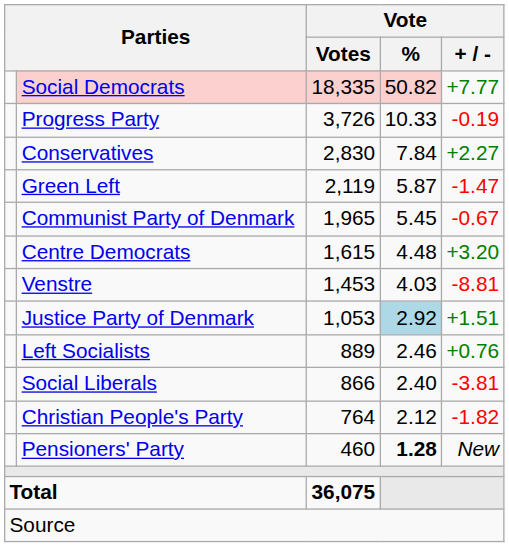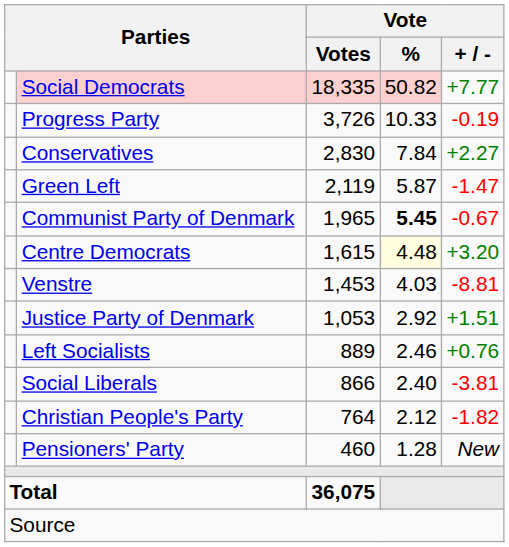 <table class="wikitable" style="text-align:right;">
 <tr>
 <th style="text-align:centre;" rowspan="2" colspan="2" width="225">Parties</th>
 <th colspan="3">Vote</th>
 </tr>
 <tr>
 <th width="15">Votes</th>
 <th width="15">%</th>
 <th width="15">+ / -</th>
 </tr>
 <tr>
 <td width="2" style="color:inherit;background:"></td>
 <td bgcolor=#fbd0ce  align="left"><a href='#'>Social Democrats</a></td>
 <td bgcolor=#fbd0ce>18,335</td>
 <td bgcolor=#fbd0ce>50.82</td>
 <td style=color:green;>+7.77</td>
 </tr>
 <tr>
 <td width="2" style="color:inherit;background:"></td>
 <td align="left"><a href='#'>Progress Party</a></td>
 <td>3,726</td>
 <td>10.33</td>
 <td style=color:red;>-0.19</td>
 </tr>
 <tr>
 <td width="2" style="color:inherit;background:"></td>
 <td align="left"><a href='#'>Conservatives</a></td>
 <td>2,830</td>
 <td>7.84</td>
 <td style=color:green;>+2.27</td>
 </tr>
 <tr>
 <td width="2" style="color:inherit;background:"></td>
 <td align="left"><a href='#'>Green Left</a></td>
 <td>2,119</td>
 <td>5.87</td>
 <td style=color:red;>-1.47</td>
 </tr>
 <tr>
 <td width="2" style="color:inherit;background:"></td>
 <td align="left"><a href='#'>Communist Party of Denmark</a></td>
 <td>1,965</td>
-<td>5.45</td>
+<td><strong>5.45</strong></td>
 <td style=color:red;>-0.67</td>
 </tr>
 <tr>
 <td width="2" style="color:inherit;background:"></td>
 <td align="left"><a href='#'>Centre Democrats</a></td>
 <td>1,615</td>
-<td>4.48</td>
+<td style="background: lightyellow;">4.48</td>
 <td style=color:green;>+3.20</td>
 </tr>
 <tr>
 <td width="2" style="color:inherit;background:"></td>
 <td align="left"><a href='#'>Venstre</a></td>
 <td>1,453</td>
 <td>4.03</td>
 <td style=color:red;>-8.81</td>
 </tr>
 <tr>
 <td width="2" style="color:inherit;background:"></td>
 <td align="left"><a href='#'>Justice Party of Denmark</a></td>
 <td>1,053</td>
-<td style="background: lightblue;">2.92</td>
+<td>2.92</td>
 <td style=color:green;>+1.51</td>
 </tr>
 <tr>
 <td width="2" style="color:inherit;background:"></td>
 <td align="left"><a href='#'>Left Socialists</a></td>
 <td>889</td>
 <td>2.46</td>
 <td style=color:green;>+0.76</td>
 </tr>
 <tr>
 <td width="2" style="color:inherit;background:"></td>
 <td align="left"><a href='#'>Social Liberals</a></td>
 <td>866</td>
 <td>2.40</td>
 <td style=color:red;>-3.81</td>
 </tr>
 <tr>
 <td width="2" style="color:inherit;background:"></td>
 <td align="left"><a href='#'>Christian People's Party</a></td>
 <td>764</td>
 <td>2.12</td>
 <td style=color:red;>-1.82</td>
 </tr>
 <tr>
 <td width="2" style="color:inherit;background:"></td>
 <td align="left"><a href='#'>Pensioners' Party</a></td>
 <td>460</td>
-<td><strong>1.28</strong></td>
+<td>1.28</td>
 <td><em>New</em></td>
 </tr>
 <tr>
 <td colspan="7" bgcolor="#E9E9E9"></td>
 </tr>
 <tr>
 <td align="left" colspan="2"><strong>Total</strong></td>
 <td><strong>36,075</strong></td>
 <td bgcolor="#E9E9E9" colspan="2"></td>
 </tr>
 <tr>
 <td align="left" colspan="6">Source</td>
 </tr>
 </table>
